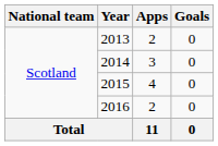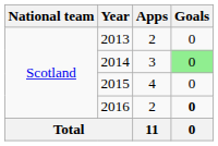 <table class="wikitable" style="text-align:center">
 <tr>
 <th>National team</th>
 <th>Year</th>
 <th>Apps</th>
 <th>Goals</th>
 </tr>
 <tr>
 <td rowspan="4"><a href='#'>Scotland</a></td>
 <td>2013</td>
 <td>2</td>
 <td>0</td>
 </tr>
 <tr>
 <td>2014</td>
 <td>3</td>
-<td>0</td>
+<td style="background: lightgreen;">0</td>
 </tr>
 <tr>
 <td>2015</td>
 <td>4</td>
 <td>0</td>
 </tr>
 <tr>
 <td>2016</td>
 <td>2</td>
-<td>0</td>
+<td><strong>0</strong></td>
 </tr>
 <tr>
 <th colspan="2">Total</th>
 <th>11</th>
 <th>0</th>
 </tr>
 </table>
